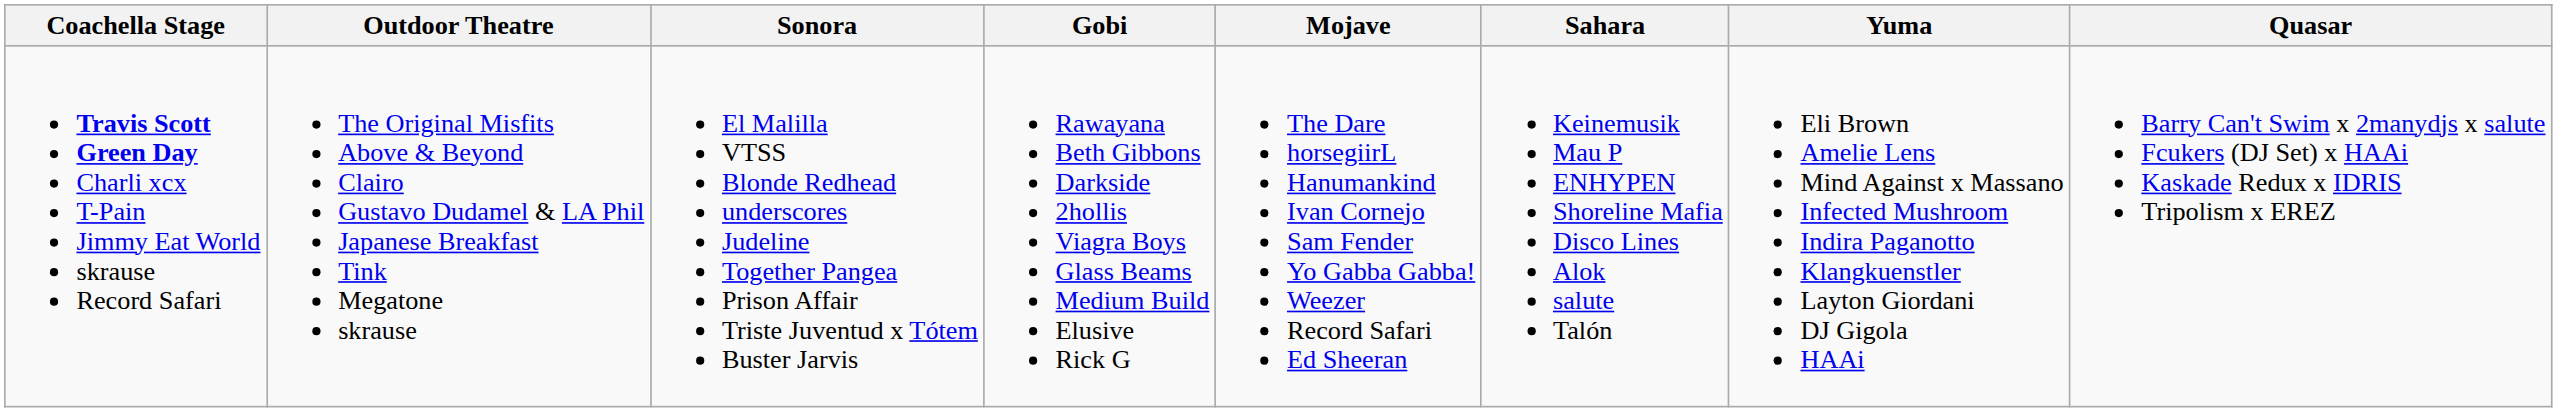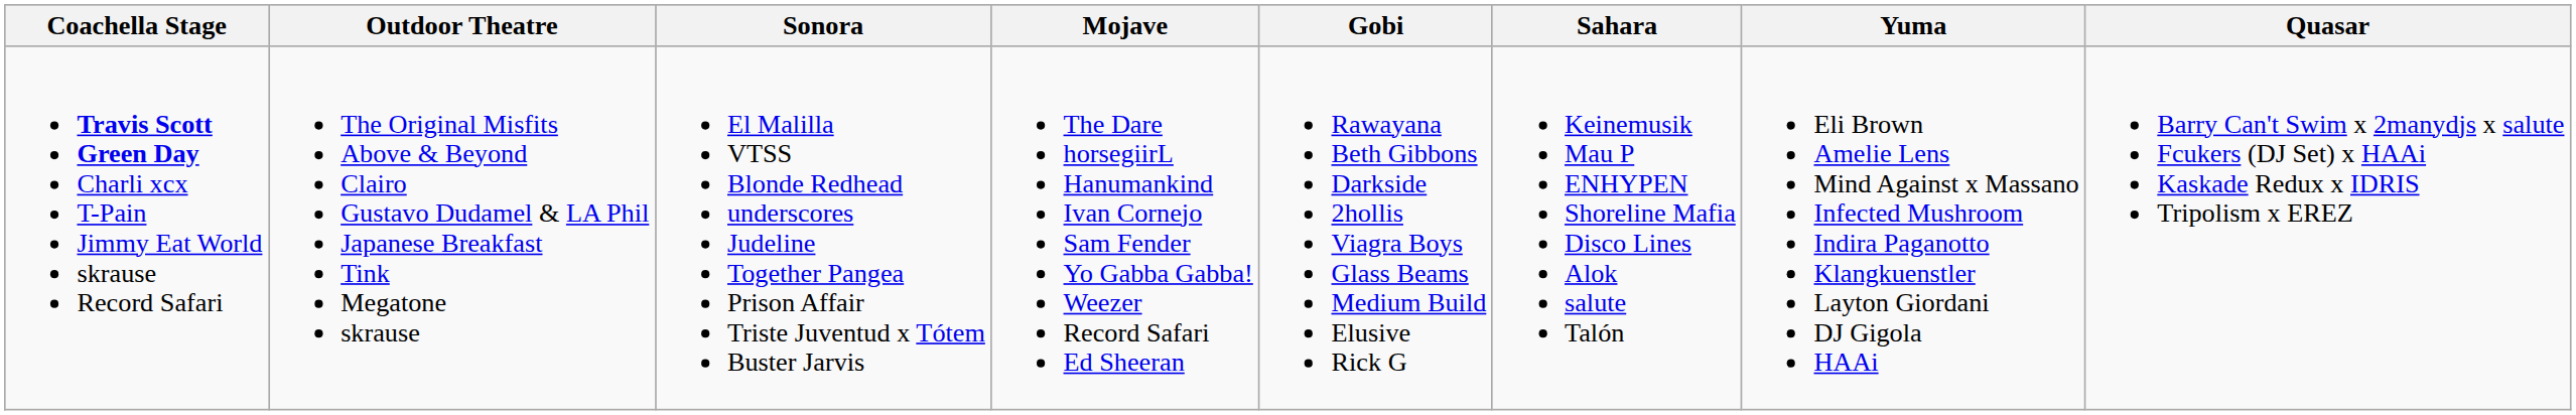 <table class="wikitable">
 <tr>
 <th>Coachella Stage</th>
 <th>Outdoor Theatre</th>
 <th>Sonora</th>
+<th>Mojave</th>
 <th>Gobi</th>
-<th>Mojave</th>
 <th>Sahara</th>
 <th>Yuma</th>
 <th>Quasar</th>
 </tr>
 <tr valign="top">
 <td><br><ul><li><strong><a href='#'>Travis Scott</a></strong></li><li><strong><a href='#'>Green Day</a></strong></li><li><a href='#'>Charli xcx</a></li><li><a href='#'>T-Pain</a></li><li><a href='#'>Jimmy Eat World</a></li><li>skrause </li><li>Record Safari </li></ul></td>
 <td><br><ul><li><a href='#'>The Original Misfits</a></li><li><a href='#'>Above & Beyond</a></li><li><a href='#'>Clairo</a></li><li><a href='#'>Gustavo Dudamel</a> & <a href='#'>LA Phil</a></li><li><a href='#'>Japanese Breakfast</a></li><li><a href='#'>Tink</a></li><li>Megatone </li><li>skrause </li></ul></td>
 <td><br><ul><li><a href='#'>El Malilla</a></li><li>VTSS</li><li><a href='#'>Blonde Redhead</a></li><li><a href='#'>underscores</a></li><li><a href='#'>Judeline</a></li><li><a href='#'>Together Pangea</a></li><li>Prison Affair</li><li>Triste Juventud x <a href='#'>Tótem</a> </li><li>Buster Jarvis </li></ul></td>
+<td><br><ul><li><a href='#'>The Dare</a></li><li><a href='#'>horsegiirL</a></li><li><a href='#'>Hanumankind</a></li><li><a href='#'>Ivan Cornejo</a></li><li><a href='#'>Sam Fender</a></li><li><a href='#'>Yo Gabba Gabba!</a></li><li><a href='#'>Weezer</a> </li><li>Record Safari </li><li><a href='#'>Ed Sheeran</a> </li></ul></td>
 <td><br><ul><li><a href='#'>Rawayana</a></li><li><a href='#'>Beth Gibbons</a></li><li><a href='#'>Darkside</a></li><li><a href='#'>2hollis</a></li><li><a href='#'>Viagra Boys</a></li><li><a href='#'>Glass Beams</a></li><li><a href='#'>Medium Build</a></li><li>Elusive </li><li>Rick G </li></ul></td>
-<td><br><ul><li><a href='#'>The Dare</a></li><li><a href='#'>horsegiirL</a></li><li><a href='#'>Hanumankind</a></li><li><a href='#'>Ivan Cornejo</a></li><li><a href='#'>Sam Fender</a></li><li><a href='#'>Yo Gabba Gabba!</a></li><li><a href='#'>Weezer</a> </li><li>Record Safari </li><li><a href='#'>Ed Sheeran</a> </li></ul></td>
 <td><br><ul><li><a href='#'>Keinemusik</a></li><li><a href='#'>Mau P</a></li><li><a href='#'>ENHYPEN</a></li><li><a href='#'>Shoreline Mafia</a></li><li><a href='#'>Disco Lines</a></li><li><a href='#'>Alok</a></li><li><a href='#'>salute</a></li><li>Talón</li></ul></td>
 <td><br><ul><li>Eli Brown</li><li><a href='#'>Amelie Lens</a></li><li>Mind Against x Massano</li><li><a href='#'>Infected Mushroom</a></li><li><a href='#'>Indira Paganotto</a></li><li><a href='#'>Klangkuenstler</a></li><li>Layton Giordani</li><li>DJ Gigola</li><li><a href='#'>HAAi</a></li></ul></td>
 <td><br><ul><li><a href='#'>Barry Can't Swim</a> x <a href='#'>2manydjs</a> x <a href='#'>salute</a> </li><li><a href='#'>Fcukers</a> (DJ Set) x <a href='#'>HAAi</a> </li><li><a href='#'>Kaskade</a> Redux x <a href='#'>IDRIS</a> </li><li>Tripolism x EREZ </li></ul></td>
 </tr>
 </table>
